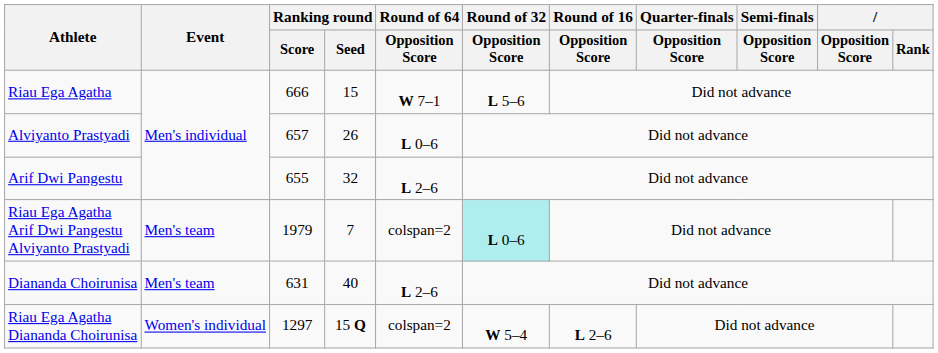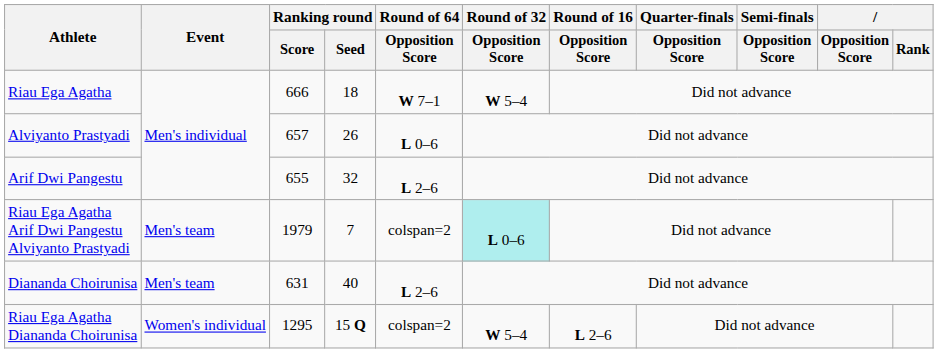 <table class="wikitable" style="font-size:90%">
 <tr>
 <th rowspan=2>Athlete</th>
 <th rowspan=2>Event</th>
 <th colspan="2">Ranking round</th>
 <th>Round of 64</th>
 <th>Round of 32</th>
 <th>Round of 16</th>
 <th>Quarter-finals</th>
 <th>Semi-finals</th>
 <th colspan="2"> / </th>
 </tr>
 <tr style="font-size:95%">
 <th>Score</th>
 <th>Seed</th>
 <th>Opposition<br>Score</th>
 <th>Opposition<br>Score</th>
 <th>Opposition<br>Score</th>
 <th>Opposition<br>Score</th>
 <th>Opposition<br>Score</th>
 <th>Opposition<br>Score</th>
 <th>Rank</th>
 </tr>
 <tr align=center>
 <td align=left><a href='#'>Riau Ega Agatha</a></td>
 <td align=left rowspan=3><a href='#'>Men's individual</a></td>
 <td>666</td>
-<td>15</td>
+<td>18</td>
 <td><br><strong>W</strong> 7–1</td>
-<td><br><strong>L</strong> 5–6</td>
+<td><br> <strong>W</strong> 5–4</td>
 <td colspan=5>Did not advance</td>
 </tr>
 <tr align=center>
 <td align=left><a href='#'>Alviyanto Prastyadi</a></td>
 <td>657</td>
 <td>26</td>
 <td><br><strong>L</strong> 0–6</td>
 <td colspan=6>Did not advance</td>
 </tr>
 <tr align=center>
 <td align=left><a href='#'>Arif Dwi Pangestu</a></td>
 <td>655</td>
 <td>32</td>
 <td><br><strong>L</strong> 2–6</td>
 <td colspan=6>Did not advance</td>
 </tr>
 <tr align=center>
 <td align=left><a href='#'>Riau Ega Agatha</a><br><a href='#'>Arif Dwi Pangestu</a><br><a href='#'>Alviyanto Prastyadi</a></td>
 <td align=left><a href='#'>Men's team</a></td>
 <td>1979</td>
 <td>7</td>
 <td>colspan=2 </td>
 <td style="background: paleturquoise;"><br><strong>L</strong> 0–6</td>
 <td colspan=4>Did not advance</td>
 </tr>
 <tr align=center>
 <td align=left><a href='#'>Diananda Choirunisa</a></td>
 <td align=left><a href='#'>Men's team</a></td>
 <td>631</td>
 <td>40</td>
 <td><br><strong>L</strong> 2–6</td>
 <td colspan=6>Did not advance</td>
 </tr>
 <tr align=center>
 <td align=left><a href='#'>Riau Ega Agatha</a><br><a href='#'>Diananda Choirunisa</a></td>
 <td align=left><a href='#'>Women's individual</a></td>
-<td>1297</td>
+<td>1295</td>
 <td>15 <strong>Q</strong></td>
 <td>colspan=2 </td>
 <td><br> <strong>W</strong> 5–4</td>
 <td><br><strong>L</strong> 2–6</td>
 <td colspan=3>Did not advance</td>
 </tr>
 </table>
